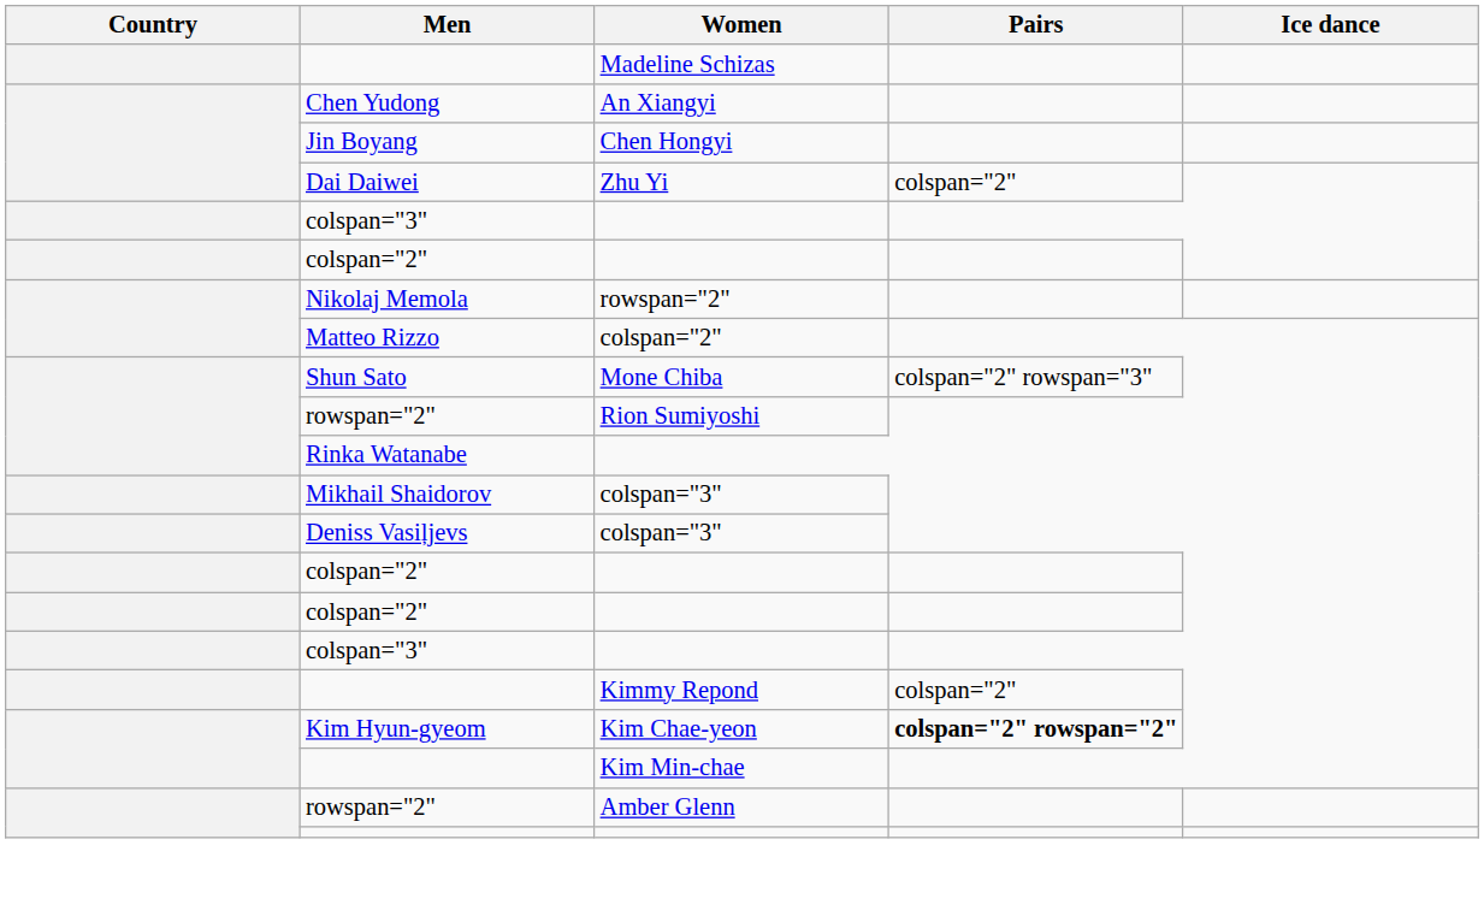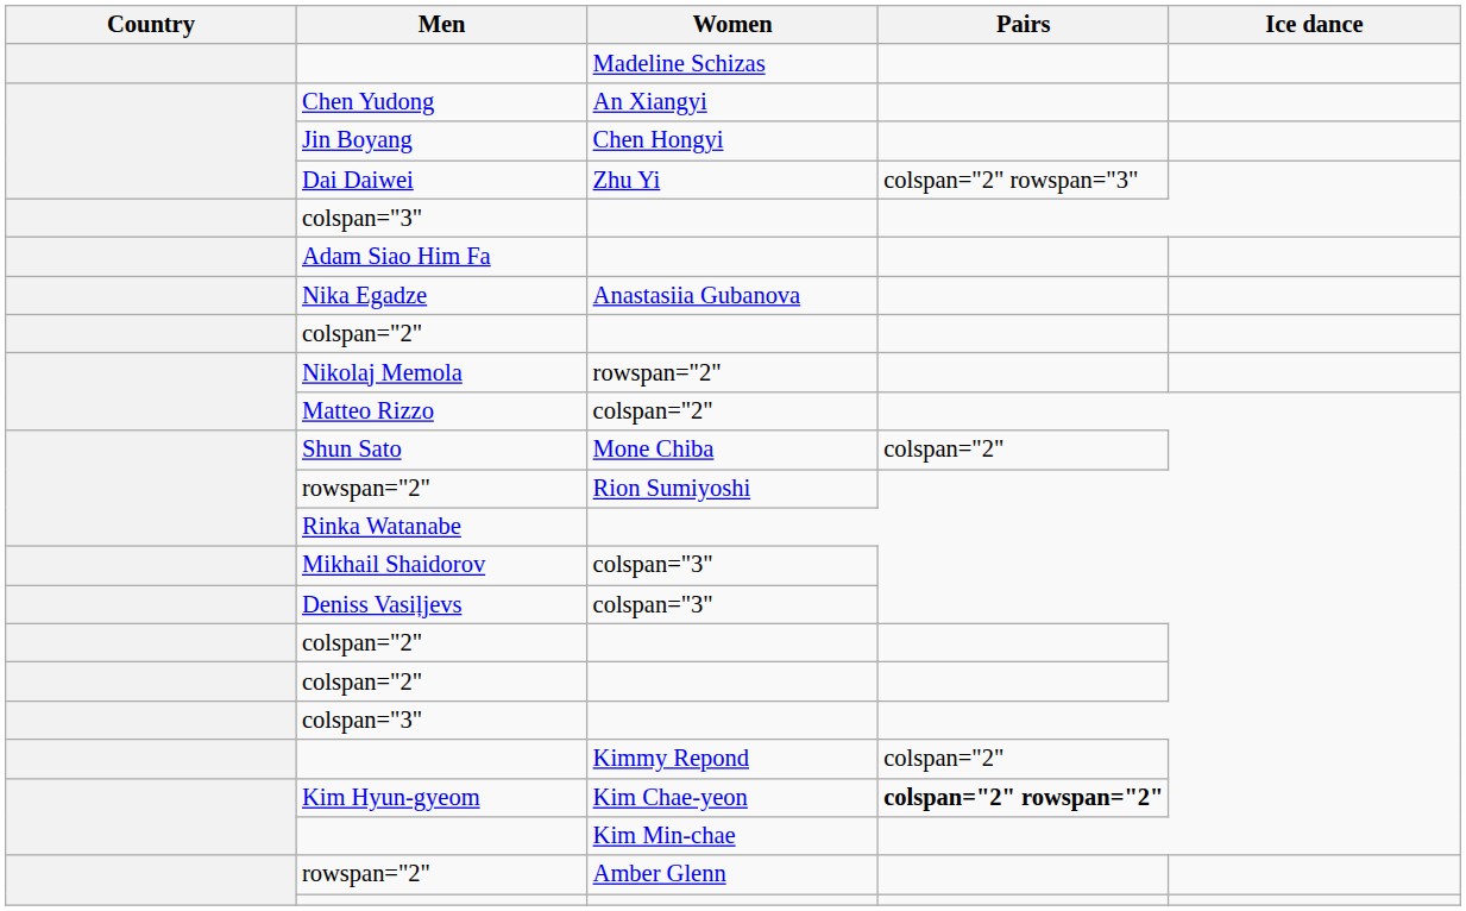 <table class="wikitable unsortable" style="text-align:left;">
 <tr>
 <th scope="col" style="text-align:center; width:20%">Country</th>
 <th scope="col" style="text-align:center; width:20%">Men</th>
 <th scope="col" style="text-align:center; width:20%">Women</th>
 <th scope="col" style="text-align:center; width:20%">Pairs</th>
 <th scope="col" style="text-align:center; width:20%">Ice dance</th>
 </tr>
 <tr>
 <th scope="row" style="text-align:left"></th>
 <td></td>
 <td><a href='#'>Madeline Schizas</a></td>
 <td></td>
 <td></td>
 </tr>
 <tr>
 <th scope="row" style="text-align:left" rowspan="3"></th>
 <td><a href='#'>Chen Yudong</a></td>
 <td><a href='#'>An Xiangyi</a></td>
 <td></td>
 <td></td>
 </tr>
 <tr>
 <td><a href='#'>Jin Boyang</a></td>
 <td><a href='#'>Chen Hongyi</a></td>
 <td></td>
 <td></td>
 </tr>
 <tr>
 <td><a href='#'>Dai Daiwei</a></td>
 <td><a href='#'>Zhu Yi</a></td>
-<td>colspan="2" </td>
+<td>colspan="2" rowspan="3" </td>
 </tr>
 <tr>
 <th scope="row" style="text-align:left"></th>
 <td>colspan="3" </td>
+<td></td>
+</tr>
+<tr>
+<th scope="row" style="text-align:left"></th>
+<td><a href='#'>Adam Siao Him Fa</a></td>
+<td></td>
+<td></td>
+<td></td>
+</tr>
+<tr>
+<th scope="row" style="text-align:left"></th>
+<td><a href='#'>Nika Egadze</a></td>
+<td><a href='#'>Anastasiia Gubanova</a></td>
+<td></td>
 <td></td>
 </tr>
 <tr>
 <th scope="row" style="text-align:left"></th>
 <td>colspan="2" </td>
 <td></td>
 <td></td>
 </tr>
 <tr>
 <th scope="row" style="text-align:left" rowspan="2"></th>
 <td><a href='#'>Nikolaj Memola</a></td>
 <td>rowspan="2" </td>
 <td></td>
 <td></td>
 </tr>
 <tr>
 <td><a href='#'>Matteo Rizzo</a></td>
 <td>colspan="2" </td>
 </tr>
 <tr>
 <th scope="row" style="text-align:left" rowspan="3"></th>
 <td><a href='#'>Shun Sato</a></td>
 <td><a href='#'>Mone Chiba</a></td>
-<td>colspan="2" rowspan="3" </td>
+<td>colspan="2" </td>
 </tr>
 <tr>
 <td>rowspan="2" </td>
 <td><a href='#'>Rion Sumiyoshi</a></td>
 </tr>
 <tr>
 <td><a href='#'>Rinka Watanabe</a></td>
 </tr>
 <tr>
 <th scope="row" style="text-align:left"></th>
 <td><a href='#'>Mikhail Shaidorov</a></td>
 <td>colspan="3" </td>
 </tr>
 <tr>
 <th scope="row" style="text-align:left"></th>
 <td><a href='#'>Deniss Vasiļjevs</a></td>
 <td>colspan="3" </td>
 </tr>
 <tr>
 <th scope="row" style="text-align:left"></th>
 <td>colspan="2" </td>
 <td></td>
 <td></td>
 </tr>
 <tr>
 <th scope="row" style="text-align:left"></th>
 <td>colspan="2" </td>
 <td></td>
 <td></td>
 </tr>
 <tr>
 <th scope="row" style="text-align:left"></th>
 <td>colspan="3" </td>
 <td></td>
 </tr>
 <tr>
 <th scope="row" style="text-align:left"></th>
 <td></td>
 <td><a href='#'>Kimmy Repond</a></td>
 <td>colspan="2" </td>
 </tr>
 <tr>
 <th rowspan="2" scope="row" style="text-align:left"></th>
 <td><a href='#'>Kim Hyun-gyeom</a></td>
 <td><a href='#'>Kim Chae-yeon</a></td>
 <td><strong>colspan="2" rowspan="2" </strong></td>
 </tr>
 <tr>
 <td></td>
 <td><a href='#'>Kim Min-chae</a></td>
 </tr>
 <tr>
 <th scope="row" style="text-align:left" rowspan="2"></th>
 <td>rowspan="2" </td>
 <td><a href='#'>Amber Glenn</a></td>
 <td></td>
 <td></td>
 </tr>
 <tr>
 <td></td>
 <td></td>
 <td></td>
 </tr>
 </table>
